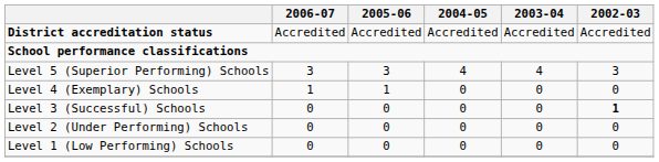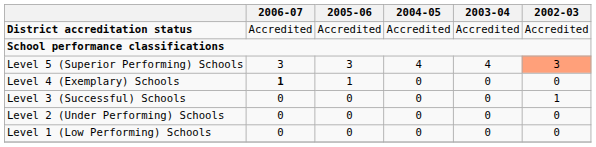 <table class="wikitable" style="font-size: 95%;">
 <tr>
 <th></th>
 <th>2006-07</th>
 <th>2005-06</th>
 <th>2004-05</th>
 <th>2003-04</th>
 <th>2002-03</th>
 </tr>
 <tr>
 <td align="left"><strong>District accreditation status</strong></td>
 <td align="center">Accredited</td>
 <td align="center">Accredited</td>
 <td align="center">Accredited</td>
 <td align="center">Accredited</td>
 <td align="center">Accredited</td>
 </tr>
 <tr>
 <td align="left" colspan="6"><strong>School performance classifications</strong></td>
 </tr>
 <tr>
 <td align="left">Level 5 (Superior Performing) Schools</td>
 <td align="center">3</td>
 <td align="center">3</td>
 <td align="center">4</td>
 <td align="center">4</td>
-<td align="center">3</td>
+<td align="center" style="background: lightsalmon;">3</td>
 </tr>
 <tr>
 <td align="left">Level 4 (Exemplary) Schools</td>
-<td align="center">1</td>
+<td align="center"><strong>1</strong></td>
 <td align="center">1</td>
 <td align="center">0</td>
 <td align="center">0</td>
 <td align="center">0</td>
 </tr>
 <tr>
 <td align="left">Level 3 (Successful) Schools</td>
 <td align="center">0</td>
 <td align="center">0</td>
 <td align="center">0</td>
 <td align="center">0</td>
-<td align="center"><strong>1</strong></td>
+<td align="center">1</td>
 </tr>
 <tr>
 <td align="left">Level 2 (Under Performing) Schools</td>
 <td align="center">0</td>
 <td align="center">0</td>
 <td align="center">0</td>
 <td align="center">0</td>
 <td align="center">0</td>
 </tr>
 <tr>
 <td align="left">Level 1 (Low Performing) Schools</td>
 <td align="center">0</td>
 <td align="center">0</td>
 <td align="center">0</td>
 <td align="center">0</td>
 <td align="center">0</td>
 </tr>
 <tr>
 </tr>
 </table>
